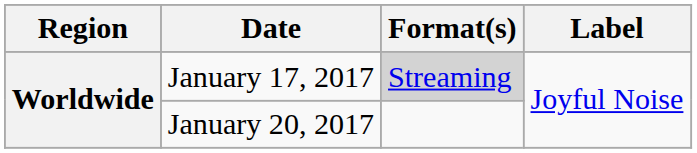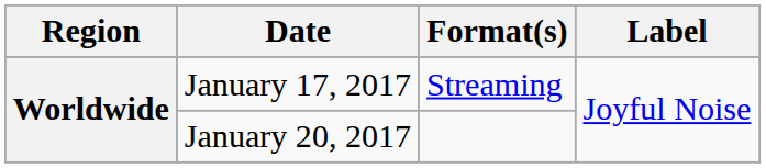 <table class="wikitable plainrowheaders">
 <tr>
 <th scope="col">Region</th>
 <th scope="col">Date</th>
 <th scope="col">Format(s)</th>
 <th scope="col">Label</th>
 </tr>
 <tr>
 <th scope="row" rowspan="2">Worldwide</th>
 <td>January 17, 2017</td>
-<td style="background: lightgrey;"><a href='#'>Streaming</a></td>
+<td><a href='#'>Streaming</a></td>
 <td rowspan="2"><a href='#'>Joyful Noise</a></td>
 </tr>
 <tr>
 <td>January 20, 2017</td>
 <td></td>
 </tr>
 </table>
